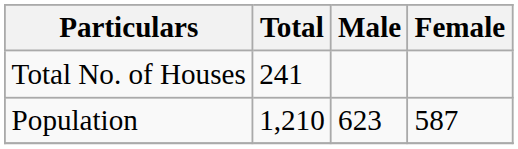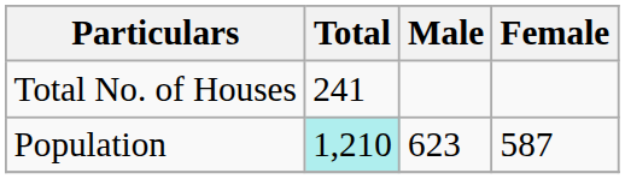 <table class="wikitable sortable">
 <tr>
 <th>Particulars</th>
 <th>Total</th>
 <th>Male</th>
 <th>Female</th>
 </tr>
 <tr>
 <td>Total No. of Houses</td>
 <td>241</td>
 <td></td>
 <td></td>
 </tr>
 <tr>
 <td>Population</td>
-<td>1,210</td>
+<td style="background: paleturquoise;">1,210</td>
 <td>623</td>
 <td>587</td>
 </tr>
 <tr>
 </tr>
 </table>
